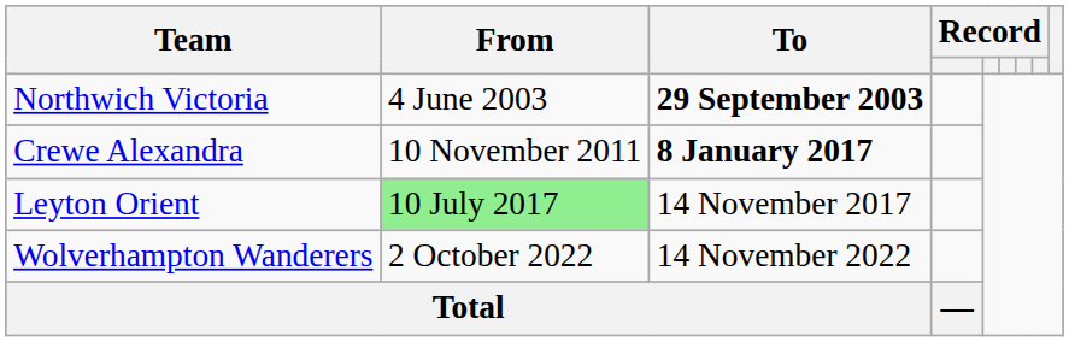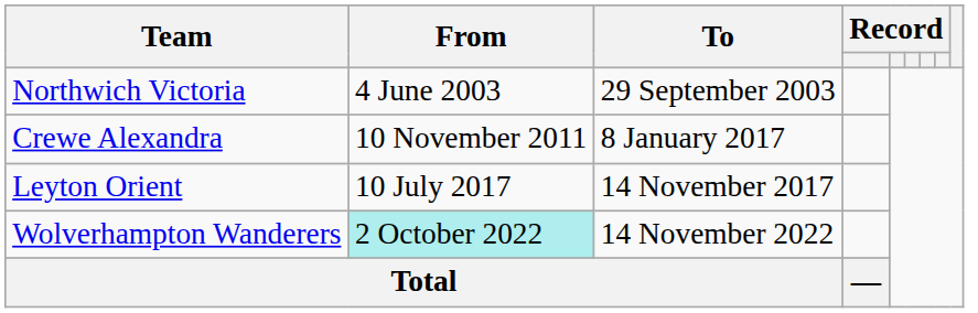 <table class=wikitable style="text-align: center">
 <tr>
 <th rowspan=2>Team</th>
 <th rowspan=2>From</th>
 <th rowspan=2>To</th>
 <th colspan=5>Record</th>
 <th rowspan=2></th>
 </tr>
 <tr>
 <th></th>
 <th></th>
 <th></th>
 <th></th>
 <th></th>
 </tr>
 <tr>
 <td align=left><a href='#'>Northwich Victoria</a></td>
 <td align=left>4 June 2003</td>
-<td align=left><strong>29 September 2003<br></strong></td>
+<td align=left>29 September 2003<br></td>
 <td></td>
 </tr>
 <tr>
 <td align=left><a href='#'>Crewe Alexandra</a></td>
 <td align=left>10 November 2011</td>
-<td align=left><strong>8 January 2017<br></strong></td>
+<td align=left>8 January 2017<br></td>
 <td></td>
 </tr>
 <tr>
 <td align=left><a href='#'>Leyton Orient</a></td>
-<td align=left style="background: lightgreen;">10 July 2017</td>
+<td align=left>10 July 2017</td>
 <td align=left>14 November 2017<br></td>
 <td></td>
 </tr>
 <tr>
 <td align=left><a href='#'>Wolverhampton Wanderers</a></td>
-<td align=left>2 October 2022</td>
+<td align=left style="background: paleturquoise;">2 October 2022</td>
 <td align=left>14 November 2022<br></td>
 <td></td>
 </tr>
 <tr>
 <th colspan=3>Total<br></th>
 <th>—</th>
 </tr>
 </table>
